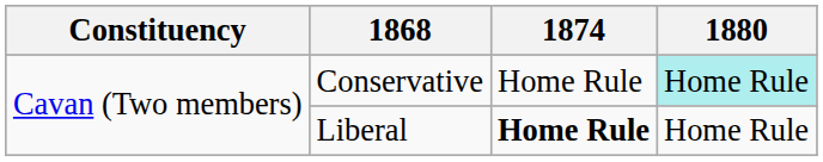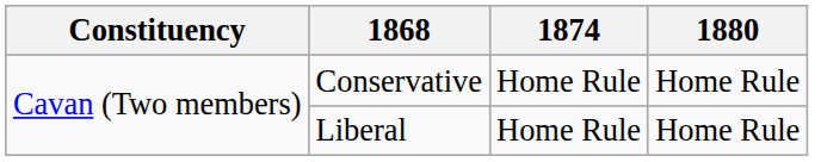 <table class="wikitable">
 <tr>
 <th>Constituency</th>
 <th>1868</th>
 <th>1874</th>
 <th>1880</th>
 </tr>
 <tr>
 <td rowspan="2"><a href='#'>Cavan</a> (Two members)</td>
 <td>Conservative</td>
 <td>Home Rule</td>
-<td style="background: paleturquoise;">Home Rule</td>
+<td>Home Rule</td>
 </tr>
 <tr>
 <td>Liberal</td>
-<td><strong>Home Rule</strong></td>
+<td>Home Rule</td>
 <td>Home Rule</td>
 </tr>
 </table>
